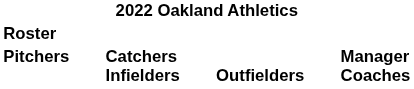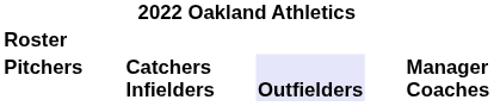 <table class="toccolours" style="font-size: 95%;">
 <tr>
 <th colspan="10">2022 Oakland Athletics</th>
 </tr>
 <tr>
 <td colspan="10"><strong>Roster</strong></td>
 </tr>
 <tr>
 <td valign="top"><strong>Pitchers</strong><br>                              </td>
 <td style="width:25px;"></td>
 <td valign="top"><strong>Catchers</strong><br>    <strong>Infielders</strong>                  </td>
 <td style="width:25px;"></td>
-<td valign="top"><br><strong>Outfielders</strong>            </td>
+<td valign="top" style="background: lavender;"><br><strong>Outfielders</strong>            </td>
 <td style="width:25px;"></td>
 <td valign="top"><strong>Manager</strong><br> <strong>Coaches</strong>                    </td>
 </tr>
 </table>
